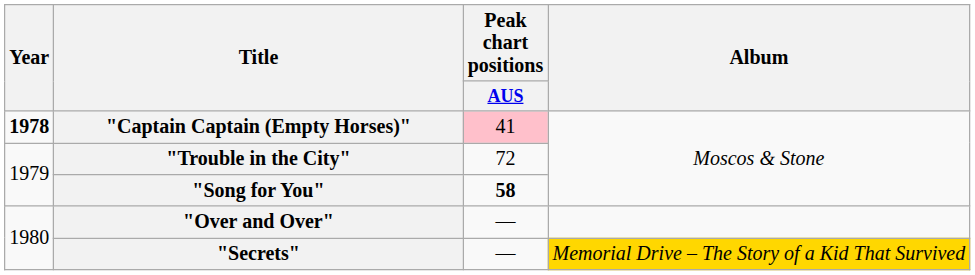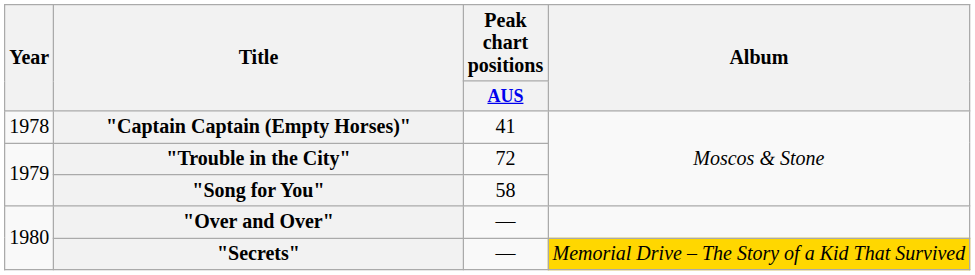 <table class="wikitable plainrowheaders" style="text-align:center;" border="1">
 <tr>
 <th scope="col" rowspan="2">Year</th>
 <th scope="col" rowspan="2" style="width:20em;">Title</th>
 <th scope="col" colspan="1">Peak chart<br>positions</th>
 <th scope="col" rowspan="2">Album</th>
 </tr>
 <tr>
 <th scope="col" style="width:3em; font-size:90%"><a href='#'>AUS</a><br></th>
 </tr>
 <tr>
-<td><strong>1978</strong></td>
+<td>1978</td>
 <th scope="row">"Captain Captain (Empty Horses)"</th>
-<td style="background: pink;">41</td>
+<td>41</td>
 <td rowspan="3"><em>Moscos & Stone</em></td>
 </tr>
 <tr>
 <td rowspan="2">1979</td>
 <th scope="row">"Trouble in the City"</th>
 <td>72</td>
 </tr>
 <tr>
 <th scope="row">"Song for You"</th>
-<td><strong>58</strong></td>
+<td>58</td>
 </tr>
 <tr>
 <td rowspan="2">1980</td>
 <th scope="row">"Over and Over"</th>
 <td>—</td>
 <td></td>
 </tr>
 <tr>
 <th scope="row">"Secrets"</th>
 <td>—</td>
 <td style="background: gold;"><em>Memorial Drive – The Story of a Kid That Survived</em></td>
 </tr>
 </table>
